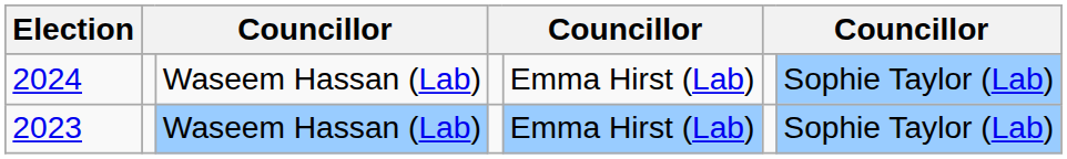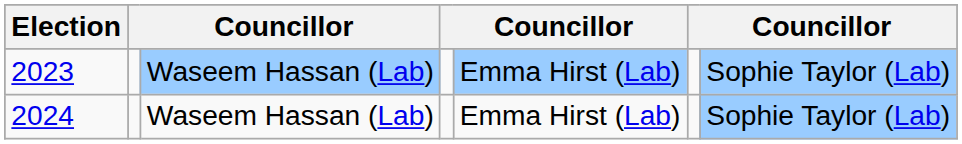 <table class="wikitable">
 <tr>
 <th>Election</th>
 <th colspan="2">Councillor</th>
 <th colspan="2">Councillor</th>
 <th colspan="2">Councillor</th>
+</tr>
+<tr>
+<td><a href='#'>2023</a></td>
+<td style="background-color: "></td>
+<td bgcolor="#99CCFF">Waseem Hassan  (<a href='#'>Lab</a>)</td>
+<td style="background-color: "></td>
+<td bgcolor="#99CCFF">Emma Hirst (<a href='#'>Lab</a>)</td>
+<td style="background-color: "></td>
+<td bgcolor="#99CCFF">Sophie Taylor (<a href='#'>Lab</a>)</td>
 </tr>
 <tr>
 <td><a href='#'>2024</a></td>
 <td style="background-color: "></td>
 <td bgcolor=>Waseem Hassan  (<a href='#'>Lab</a>)</td>
 <td style="background-color: "></td>
 <td bgcolor=>Emma Hirst (<a href='#'>Lab</a>)</td>
 <td style="background-color: "></td>
 <td bgcolor="#99CCFF">Sophie Taylor (<a href='#'>Lab</a>)</td>
 </tr>
-<tr>
-<td><a href='#'>2023</a></td>
-<td style="background-color: "></td>
-<td bgcolor="#99CCFF">Waseem Hassan  (<a href='#'>Lab</a>)</td>
-<td style="background-color: "></td>
-<td bgcolor="#99CCFF">Emma Hirst (<a href='#'>Lab</a>)</td>
-<td style="background-color: "></td>
-<td bgcolor="#99CCFF">Sophie Taylor (<a href='#'>Lab</a>)</td>
-</tr>
 </table>
